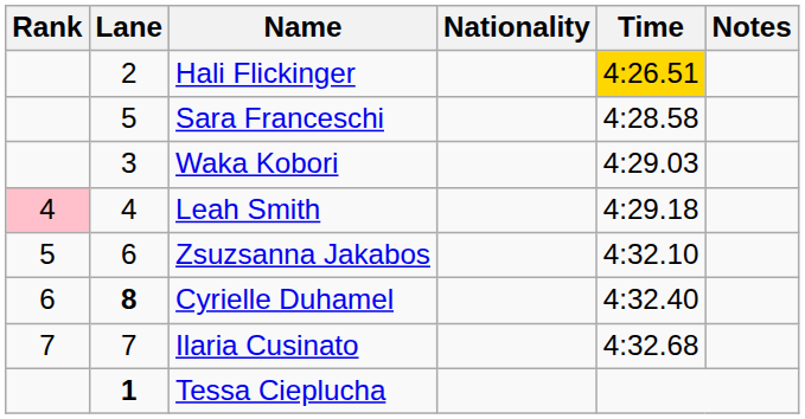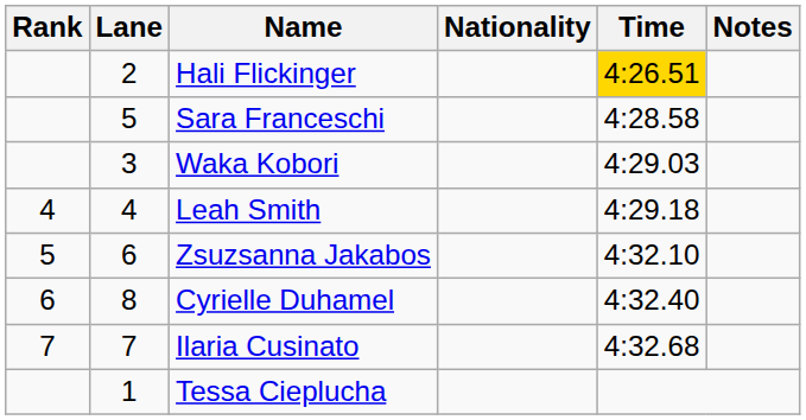 <table class="wikitable sortable" style="text-align:center">
 <tr>
 <th>Rank</th>
 <th>Lane</th>
 <th>Name</th>
 <th>Nationality</th>
 <th>Time</th>
 <th>Notes</th>
 </tr>
 <tr>
 <td></td>
 <td>2</td>
 <td align=left><a href='#'>Hali Flickinger</a></td>
 <td align=left></td>
 <td style="background: gold;">4:26.51</td>
 <td></td>
 </tr>
 <tr>
 <td></td>
 <td>5</td>
 <td align=left><a href='#'>Sara Franceschi</a></td>
 <td align=left></td>
 <td>4:28.58</td>
 <td></td>
 </tr>
 <tr>
 <td></td>
 <td>3</td>
 <td align=left><a href='#'>Waka Kobori</a></td>
 <td align=left></td>
 <td>4:29.03</td>
 <td></td>
 </tr>
 <tr>
-<td style="background: pink;">4</td>
+<td>4</td>
 <td>4</td>
 <td align=left><a href='#'>Leah Smith</a></td>
 <td align=left></td>
 <td>4:29.18</td>
 <td></td>
 </tr>
 <tr>
 <td>5</td>
 <td>6</td>
 <td align=left><a href='#'>Zsuzsanna Jakabos</a></td>
 <td align=left></td>
 <td>4:32.10</td>
 <td></td>
 </tr>
 <tr>
 <td>6</td>
-<td><strong>8</strong></td>
+<td>8</td>
 <td align=left><a href='#'>Cyrielle Duhamel</a></td>
 <td align=left></td>
 <td>4:32.40</td>
 <td></td>
 </tr>
 <tr>
 <td>7</td>
 <td>7</td>
 <td align=left><a href='#'>Ilaria Cusinato</a></td>
 <td align=left></td>
 <td>4:32.68</td>
 <td></td>
 </tr>
 <tr>
 <td></td>
-<td><strong>1</strong></td>
+<td>1</td>
 <td align=left><a href='#'>Tessa Cieplucha</a></td>
 <td align=left></td>
 <td colspan=2></td>
 </tr>
 </table>
